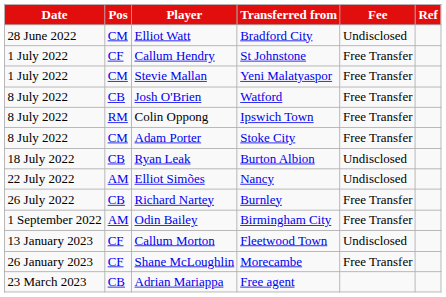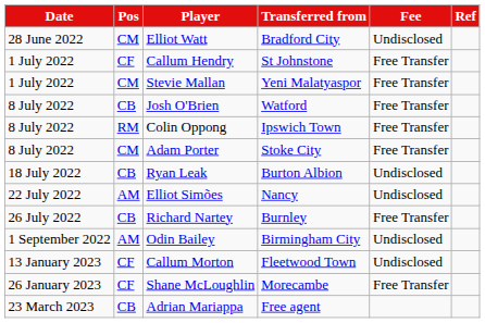 <table class="wikitable plainrowheaders sortable">
 <tr>
 <th style="background:#e20e0e; color:#FFFFFF; ">Date</th>
 <th style="background:#e20e0e; color:#FFFFFF; ">Pos</th>
 <th style="background:#e20e0e; color:#FFFFFF; ">Player</th>
 <th style="background:#e20e0e; color:#FFFFFF; ">Transferred from</th>
 <th style="background:#e20e0e; color:#FFFFFF; ">Fee</th>
 <th style="background:#e20e0e; color:#FFFFFF; ">Ref</th>
 </tr>
 <tr>
 <td>28 June 2022</td>
 <td><a href='#'>CM</a></td>
 <td> <a href='#'>Elliot Watt</a></td>
 <td> <a href='#'>Bradford City</a></td>
 <td>Undisclosed</td>
 <td></td>
 </tr>
 <tr>
 <td>1 July 2022</td>
 <td><a href='#'>CF</a></td>
 <td> <a href='#'>Callum Hendry</a></td>
 <td> <a href='#'>St Johnstone</a></td>
 <td>Free Transfer</td>
 <td></td>
 </tr>
 <tr>
 <td>1 July 2022</td>
 <td><a href='#'>CM</a></td>
 <td> <a href='#'>Stevie Mallan</a></td>
 <td> <a href='#'>Yeni Malatyaspor</a></td>
 <td>Free Transfer</td>
 <td></td>
 </tr>
 <tr>
 <td>8 July 2022</td>
 <td><a href='#'>CB</a></td>
 <td> <a href='#'>Josh O'Brien</a></td>
 <td> <a href='#'>Watford</a></td>
 <td>Free Transfer</td>
 <td></td>
 </tr>
 <tr>
 <td>8 July 2022</td>
 <td><a href='#'>RM</a></td>
 <td> Colin Oppong</td>
 <td> <a href='#'>Ipswich Town</a></td>
 <td>Free Transfer</td>
 <td></td>
 </tr>
 <tr>
 <td>8 July 2022</td>
 <td><a href='#'>CM</a></td>
 <td> <a href='#'>Adam Porter</a></td>
 <td> <a href='#'>Stoke City</a></td>
 <td>Free Transfer</td>
 <td></td>
 </tr>
 <tr>
 <td>18 July 2022</td>
 <td><a href='#'>CB</a></td>
 <td> <a href='#'>Ryan Leak</a></td>
 <td> <a href='#'>Burton Albion</a></td>
 <td>Undisclosed</td>
 <td></td>
 </tr>
 <tr>
 <td>22 July 2022</td>
 <td><a href='#'>AM</a></td>
 <td> <a href='#'>Elliot Simões</a></td>
 <td> <a href='#'>Nancy</a></td>
 <td>Undisclosed</td>
 <td></td>
 </tr>
 <tr>
 <td>26 July 2022</td>
 <td><a href='#'>CB</a></td>
 <td> <a href='#'>Richard Nartey</a></td>
 <td> <a href='#'>Burnley</a></td>
 <td>Free Transfer</td>
 <td></td>
 </tr>
 <tr>
 <td>1 September 2022</td>
 <td><a href='#'>AM</a></td>
 <td> <a href='#'>Odin Bailey</a></td>
 <td> <a href='#'>Birmingham City</a></td>
-<td>Free Transfer</td>
+<td>Undisclosed</td>
 <td></td>
 </tr>
 <tr>
 <td>13 January 2023</td>
 <td><a href='#'>CF</a></td>
 <td> <a href='#'>Callum Morton</a></td>
 <td> <a href='#'>Fleetwood Town</a></td>
 <td>Undisclosed</td>
 <td></td>
 </tr>
 <tr>
 <td>26 January 2023</td>
 <td><a href='#'>CF</a></td>
 <td> <a href='#'>Shane McLoughlin</a></td>
 <td> <a href='#'>Morecambe</a></td>
 <td>Free Transfer</td>
 <td></td>
 </tr>
 <tr>
 <td>23 March 2023</td>
 <td><a href='#'>CB</a></td>
 <td> <a href='#'>Adrian Mariappa</a></td>
 <td> <a href='#'>Free agent</a></td>
 <td></td>
 <td></td>
 </tr>
 </table>
